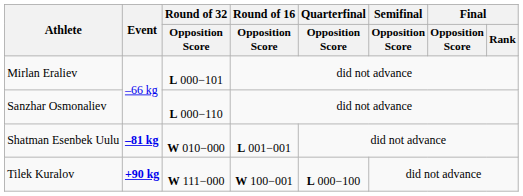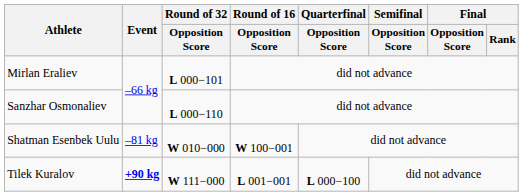 <table class=wikitable style=font-size:90%;text-align:center>
 <tr>
 <th rowspan=2>Athlete</th>
 <th rowspan=2>Event</th>
 <th>Round of 32</th>
 <th>Round of 16</th>
 <th>Quarterfinal</th>
 <th>Semifinal</th>
 <th colspan=2>Final</th>
 </tr>
 <tr style=font-size:95%>
 <th>Opposition<br>Score</th>
 <th>Opposition<br>Score</th>
 <th>Opposition<br>Score</th>
 <th>Opposition<br>Score</th>
 <th>Opposition<br>Score</th>
 <th>Rank</th>
 </tr>
 <tr>
 <td align=left>Mirlan Eraliev</td>
 <td align=left rowspan=2><a href='#'>–66 kg</a></td>
 <td><br><strong>L</strong> 000−101</td>
 <td colspan=5>did not advance</td>
 </tr>
 <tr>
 <td align=left>Sanzhar Osmonaliev</td>
 <td><br><strong>L</strong> 000−110</td>
 <td colspan=5>did not advance</td>
 </tr>
 <tr>
 <td align=left>Shatman Esenbek Uulu</td>
-<td align=left><strong><a href='#'>–81 kg</a></strong></td>
+<td align=left><a href='#'>–81 kg</a></td>
 <td><br><strong>W</strong> 010−000</td>
-<td><br><strong>L</strong> 001−001</td>
+<td><br><strong>W</strong> 100−001</td>
 <td colspan=4>did not advance</td>
 </tr>
 <tr>
 <td align=left>Tilek Kuralov</td>
 <td align=left><strong><a href='#'>+90 kg</a></strong></td>
 <td><br><strong>W</strong> 111−000</td>
-<td><br><strong>W</strong> 100−001</td>
+<td><br><strong>L</strong> 001−001</td>
 <td><br><strong>L</strong> 000−100</td>
 <td colspan=3>did not advance</td>
 </tr>
 </table>
